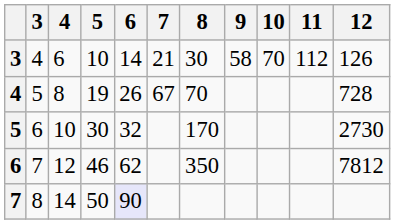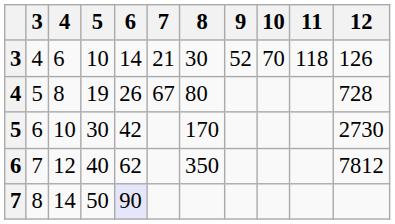 <table class="wikitable">
 <tr>
 <th></th>
 <th>3</th>
 <th>4</th>
 <th>5</th>
 <th>6</th>
 <th>7</th>
 <th>8</th>
 <th>9</th>
 <th>10</th>
 <th>11</th>
 <th>12</th>
 </tr>
 <tr>
 <th>3</th>
 <td>4</td>
 <td>6</td>
 <td>10</td>
 <td>14</td>
 <td>21</td>
 <td>30</td>
-<td>58</td>
+<td>52</td>
 <td>70</td>
-<td>112</td>
+<td>118</td>
 <td>126</td>
 </tr>
 <tr>
 <th>4</th>
 <td>5</td>
 <td>8</td>
 <td>19</td>
 <td>26</td>
 <td>67</td>
-<td>70</td>
+<td>80</td>
 <td></td>
 <td></td>
 <td></td>
 <td>728</td>
 </tr>
 <tr>
 <th>5</th>
 <td>6</td>
 <td>10</td>
 <td>30</td>
-<td>32</td>
+<td>42</td>
 <td></td>
 <td>170</td>
 <td></td>
 <td></td>
 <td></td>
 <td>2730</td>
 </tr>
 <tr>
 <th>6</th>
 <td>7</td>
 <td>12</td>
-<td>46</td>
+<td>40</td>
 <td>62</td>
 <td></td>
 <td>350</td>
 <td></td>
 <td></td>
 <td></td>
 <td>7812</td>
 </tr>
 <tr>
 <th>7</th>
 <td>8</td>
 <td>14</td>
 <td>50</td>
 <td style="background: lavender;">90</td>
 <td></td>
 <td></td>
 <td></td>
 <td></td>
 <td></td>
 <td></td>
 </tr>
 </table>
